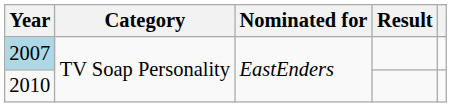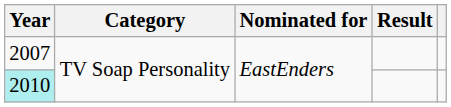 <table class="wikitable plainrowheaders">
 <tr>
 <th scope="col">Year</th>
 <th scope="col">Category</th>
 <th scope="col">Nominated for</th>
 <th scope="col">Result</th>
 <th scope="col"></th>
 </tr>
 <tr>
-<td align="center" style="background: lightblue;">2007</td>
+<td align="center">2007</td>
 <td rowspan="2">TV Soap Personality</td>
 <td rowspan="2"><em>EastEnders</em></td>
 <td></td>
 <td align="center"></td>
 </tr>
 <tr>
-<td align="center">2010</td>
+<td align="center" style="background: paleturquoise;">2010</td>
 <td></td>
 <td align="center"></td>
 </tr>
 </table>
